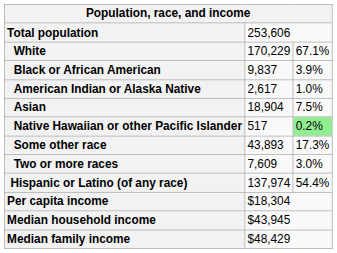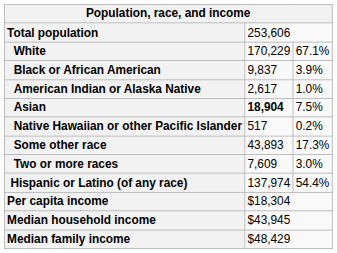 <table class="wikitable collapsible collapsed">
 <tr>
 <th colspan=6>Population, race, and income</th>
 </tr>
 <tr>
 <th scope="row" style="text-align: left;">Total population</th>
 <td colspan=2>253,606</td>
 </tr>
 <tr>
 <th scope="row" style="text-align: left;">  White</th>
 <td>170,229</td>
 <td>67.1%</td>
 </tr>
 <tr>
 <th scope="row" style="text-align: left;">  Black or African American</th>
 <td>9,837</td>
 <td>3.9%</td>
 </tr>
 <tr>
 <th scope="row" style="text-align: left;">  American Indian or Alaska Native</th>
 <td>2,617</td>
 <td>1.0%</td>
 </tr>
 <tr>
 <th scope="row" style="text-align: left;">  Asian</th>
-<td>18,904</td>
+<td><strong>18,904</strong></td>
 <td>7.5%</td>
 </tr>
 <tr>
 <th scope="row" style="text-align: left;">  Native Hawaiian or other Pacific Islander</th>
 <td>517</td>
-<td style="background: lightgreen;">0.2%</td>
+<td>0.2%</td>
 </tr>
 <tr>
 <th scope="row" style="text-align: left;">  Some other race</th>
 <td>43,893</td>
 <td>17.3%</td>
 </tr>
 <tr>
 <th scope="row" style="text-align: left;">  Two or more races</th>
 <td>7,609</td>
 <td>3.0%</td>
 </tr>
 <tr>
 <th scope="row" style="text-align: left;"> Hispanic or Latino (of any race)</th>
 <td>137,974</td>
 <td>54.4%</td>
 </tr>
 <tr>
 <th scope="row" style="text-align: left;">Per capita income</th>
 <td colspan=2>$18,304</td>
 </tr>
 <tr>
 <th scope="row" style="text-align: left;">Median household income</th>
 <td colspan=2>$43,945</td>
 </tr>
 <tr>
 <th scope="row" style="text-align: left;">Median family income</th>
 <td colspan=2>$48,429</td>
 </tr>
 </table>
